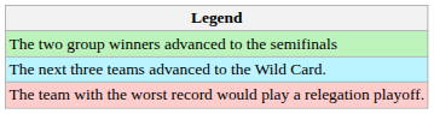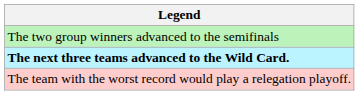 <table class="wikitable">
 <tr>
 <th>Legend</th>
 </tr>
 <tr bgcolor=BBF3BB>
 <td>The two group winners advanced to the semifinals</td>
 </tr>
 <tr bgcolor=#BBF3FF>
-<td>The next three teams advanced to the Wild Card.</td>
+<td><strong>The next three teams advanced to the Wild Card.</strong></td>
 </tr>
 <tr bgcolor=#FFCCCC>
 <td>The team with the worst record would play a relegation playoff.</td>
 </tr>
 </table>
